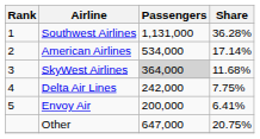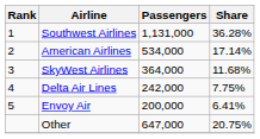 <table class="wikitable sortable" style="font-size: 95%">
 <tr>
 <th>Rank</th>
 <th>Airline</th>
 <th>Passengers</th>
 <th>Share</th>
 </tr>
 <tr>
 <td>1</td>
 <td><a href='#'>Southwest Airlines</a></td>
 <td>1,131,000</td>
 <td>36.28%</td>
 </tr>
 <tr>
 <td>2</td>
 <td><a href='#'>American Airlines</a></td>
 <td>534,000</td>
 <td>17.14%</td>
 </tr>
 <tr>
 <td>3</td>
 <td><a href='#'>SkyWest Airlines</a></td>
-<td style="background: lightgrey;">364,000</td>
+<td>364,000</td>
 <td>11.68%</td>
 </tr>
 <tr>
 <td>4</td>
 <td><a href='#'>Delta Air Lines</a></td>
 <td>242,000</td>
 <td>7.75%</td>
 </tr>
 <tr>
 <td>5</td>
 <td><a href='#'>Envoy Air</a></td>
 <td>200,000</td>
 <td>6.41%</td>
 </tr>
 <tr>
 <td></td>
 <td>Other</td>
 <td>647,000</td>
 <td>20.75%</td>
 </tr>
 <tr>
 </tr>
 </table>
